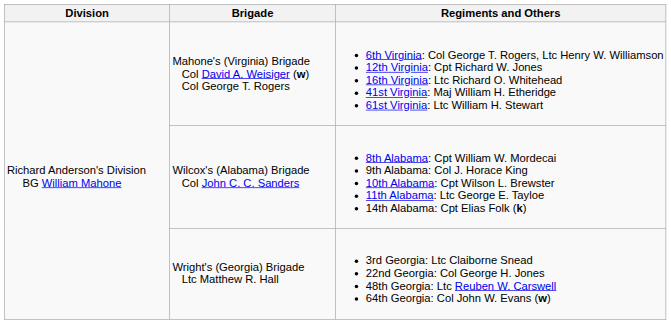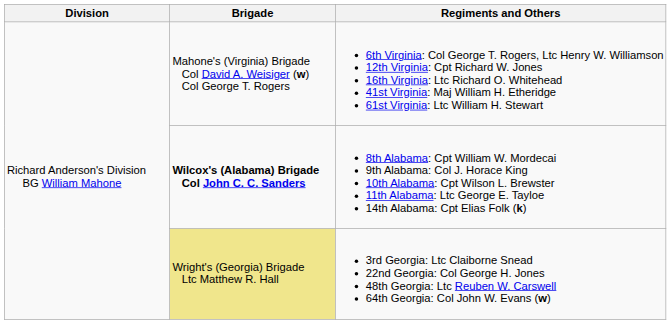 <table class="wikitable">
 <tr>
 <th width=25%>Division</th>
 <th width=25%>Brigade</th>
 <th>Regiments and Others</th>
 </tr>
 <tr>
 <td rowspan=3><br>Richard Anderson's Division <br>     BG <a href='#'>William Mahone</a></td>
 <td>Mahone's (Virginia) Brigade<br>   Col <a href='#'>David A. Weisiger</a> (<strong>w</strong>) <br>   Col George T. Rogers</td>
 <td><br><ul><li><a href='#'>6th Virginia</a>: Col George T. Rogers, Ltc Henry W. Williamson</li><li><a href='#'>12th Virginia</a>: Cpt Richard W. Jones</li><li><a href='#'>16th Virginia</a>: Ltc Richard O. Whitehead</li><li><a href='#'>41st Virginia</a>: Maj William H. Etheridge</li><li><a href='#'>61st Virginia</a>: Ltc William H. Stewart</li></ul></td>
 </tr>
 <tr>
-<td>Wilcox's (Alabama) Brigade<br>   Col <a href='#'>John C. C. Sanders</a></td>
+<td><strong>Wilcox's (Alabama) Brigade<br>   Col <a href='#'>John C. C. Sanders</a></strong></td>
 <td><br><ul><li><a href='#'>8th Alabama</a>: Cpt William W. Mordecai</li><li>9th Alabama: Col J. Horace King</li><li><a href='#'>10th Alabama</a>: Cpt Wilson L. Brewster</li><li><a href='#'>11th Alabama</a>: Ltc George E. Tayloe</li><li>14th Alabama: Cpt Elias Folk (<strong>k</strong>)</li></ul></td>
 </tr>
 <tr>
-<td>Wright's (Georgia) Brigade<br>   Ltc Matthew R. Hall</td>
+<td style="background: khaki;">Wright's (Georgia) Brigade<br>   Ltc Matthew R. Hall</td>
 <td><br><ul><li>3rd Georgia: Ltc Claiborne Snead</li><li>22nd Georgia: Col George H. Jones</li><li>48th Georgia: Ltc <a href='#'>Reuben W. Carswell</a></li><li>64th Georgia: Col John W. Evans (<strong>w</strong>)</li></ul></td>
 </tr>
 </table>
